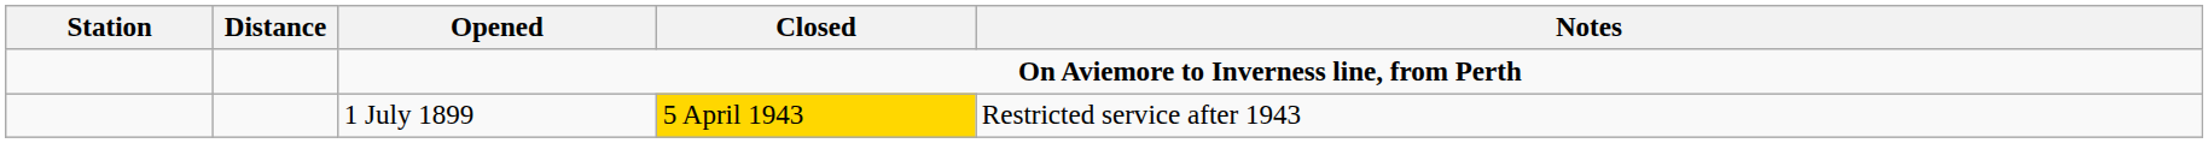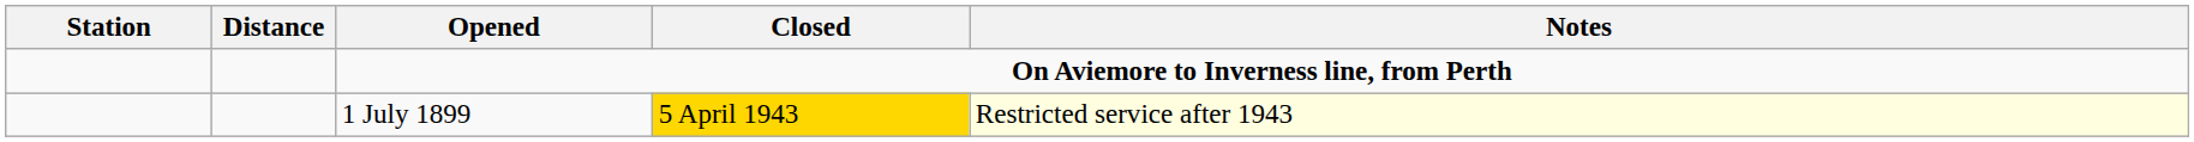 <table class="wikitable" style="width:100%; margin-right:0;">
 <tr>
 <th scope="col" style="width:7em; text-align:center;">Station</th>
 <th scope="col" style="width:4em; text-align:center;">Distance</th>
 <th scope="col" style="width:11em;">Opened</th>
 <th scope="col" style="width:11em;">Closed</th>
 <th scope="col" class="unsortable">Notes</th>
 </tr>
 <tr>
 <td></td>
 <td></td>
 <td colspan="3" style="text-align:center;"><strong>On Aviemore to Inverness line,  from Perth</strong></td>
 </tr>
 <tr>
 <td></td>
 <td></td>
 <td>1 July 1899</td>
 <td style="background: gold;">5 April 1943</td>
-<td>Restricted service after 1943</td>
+<td style="background: lightyellow;">Restricted service after 1943</td>
 </tr>
 </table>
